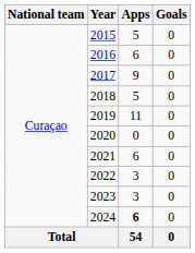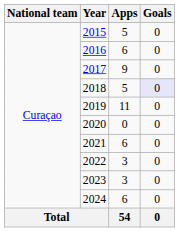 <table class="wikitable" style="text-align:center">
 <tr>
 <th>National team</th>
 <th>Year</th>
 <th>Apps</th>
 <th>Goals</th>
 </tr>
 <tr>
 <td rowspan="10"><a href='#'>Curaçao</a></td>
 <td><a href='#'>2015</a></td>
 <td>5</td>
 <td>0</td>
 </tr>
 <tr>
 <td><a href='#'>2016</a></td>
 <td>6</td>
 <td>0</td>
 </tr>
 <tr>
 <td><a href='#'>2017</a></td>
 <td>9</td>
 <td>0</td>
 </tr>
 <tr>
 <td>2018</td>
 <td>5</td>
-<td>0</td>
+<td style="background: lavender;">0</td>
 </tr>
 <tr>
 <td>2019</td>
 <td>11</td>
 <td>0</td>
 </tr>
 <tr>
 <td>2020</td>
 <td>0</td>
 <td>0</td>
 </tr>
 <tr>
 <td>2021</td>
 <td>6</td>
 <td>0</td>
 </tr>
 <tr>
 <td>2022</td>
 <td>3</td>
 <td>0</td>
 </tr>
 <tr>
 <td>2023</td>
 <td>3</td>
 <td>0</td>
 </tr>
 <tr>
 <td>2024</td>
-<td><strong>6</strong></td>
+<td>6</td>
 <td>0</td>
 </tr>
 <tr>
 <th colspan="2">Total</th>
 <th>54</th>
 <th>0</th>
 </tr>
 </table>
